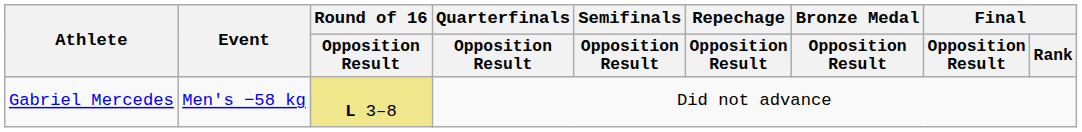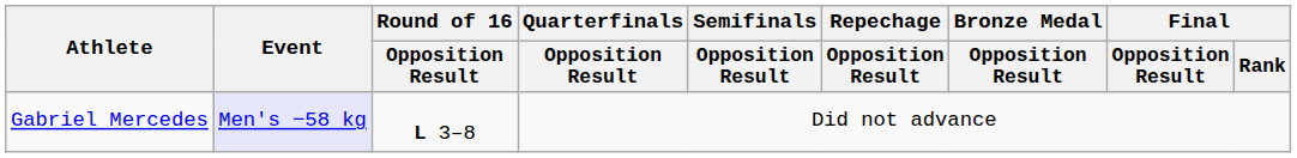 <table class="wikitable" style="font-size:90%">
 <tr>
 <th rowspan="2">Athlete</th>
 <th rowspan="2">Event</th>
 <th>Round of 16</th>
 <th>Quarterfinals</th>
 <th>Semifinals</th>
 <th>Repechage</th>
 <th>Bronze Medal</th>
 <th colspan=2>Final</th>
 </tr>
 <tr style="font-size:95%">
 <th>Opposition<br>Result</th>
 <th>Opposition<br>Result</th>
 <th>Opposition<br>Result</th>
 <th>Opposition<br>Result</th>
 <th>Opposition<br>Result</th>
 <th>Opposition<br>Result</th>
 <th>Rank</th>
 </tr>
 <tr align=center>
 <td align=left><a href='#'>Gabriel Mercedes</a></td>
-<td align=left><a href='#'>Men's −58 kg</a></td>
-<td style="background: khaki;"><br><strong>L</strong> 3–8</td>
+<td align=left style="background: lavender;"><a href='#'>Men's −58 kg</a></td>
+<td><br><strong>L</strong> 3–8</td>
 <td colspan=6>Did not advance</td>
 </tr>
 </table>
